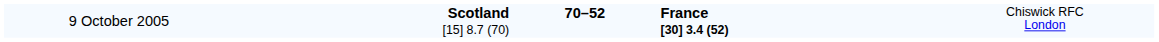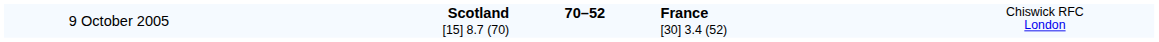 <table style="width: 100%; background:#F5FAFF;" cellspacing="0">
 <tr>
 <td align=center rowspan=3 width=20%>9 October 2005</td>
 </tr>
 <tr>
 <td width=24% align=right><strong>Scotland</strong></td>
 <td align=center width=13%><strong>70–52</strong></td>
 <td width=24%><strong>France</strong></td>
 <td style=font-size:85% rowspan=3 valign=top align=center>Chiswick RFC<br><a href='#'>London</a></td>
 </tr>
 <tr style=font-size:85%>
 <td align=right>[15] 8.7 (70)</td>
 <td></td>
-<td><strong>[30] 3.4 (52)</strong></td>
+<td>[30] 3.4 (52)</td>
 </tr>
 </table>
